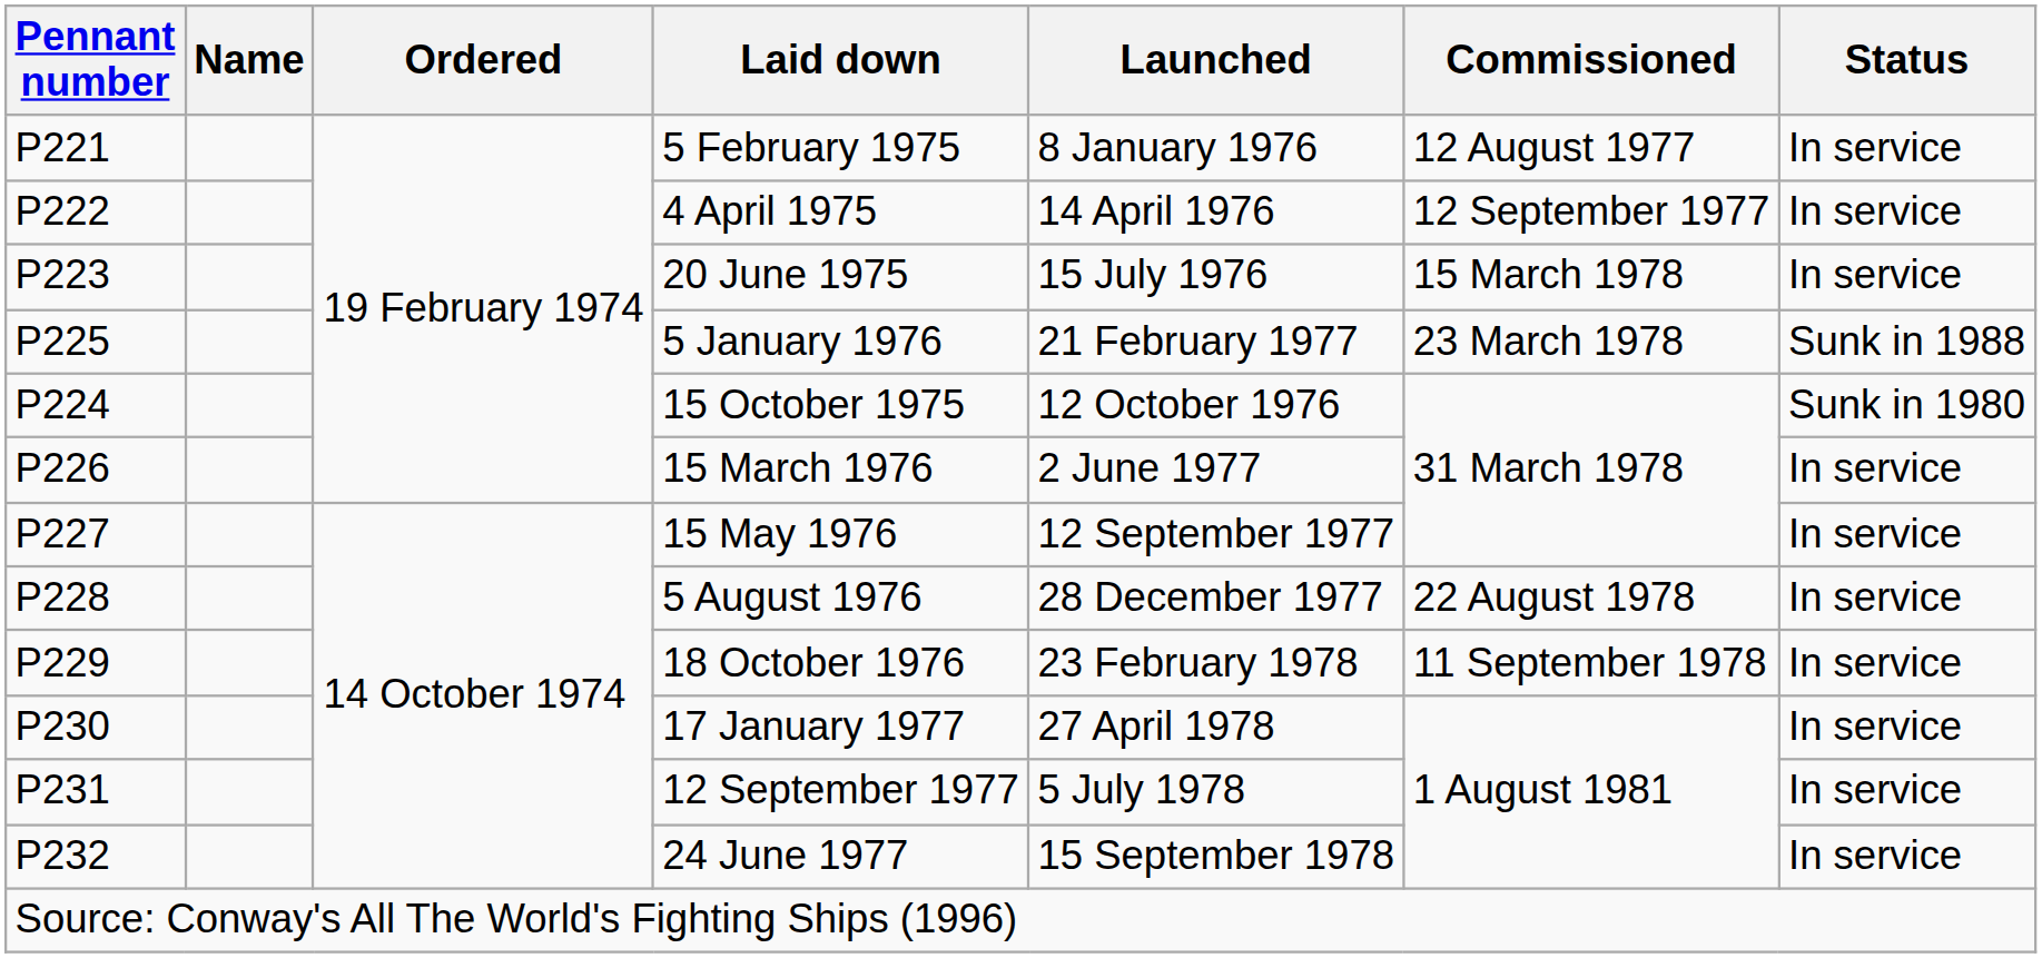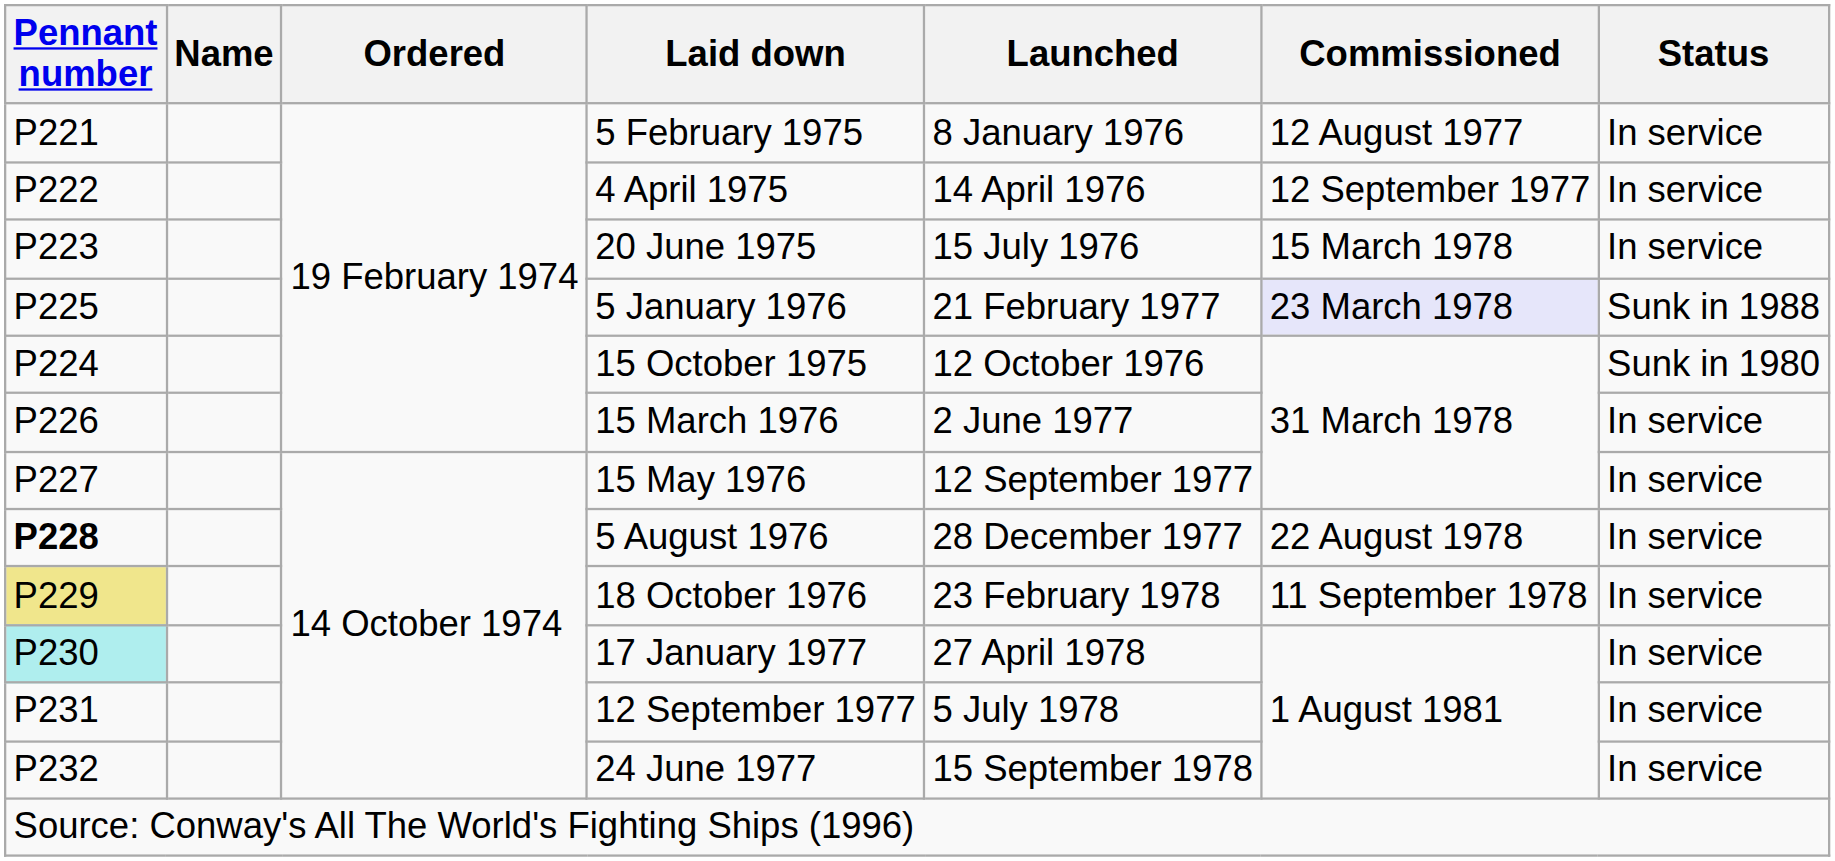 <table class="wikitable">
 <tr>
 <th><a href='#'>Pennant<br>number</a></th>
 <th>Name</th>
 <th>Ordered</th>
 <th>Laid down</th>
 <th>Launched</th>
 <th>Commissioned</th>
 <th>Status</th>
 </tr>
 <tr>
 <td>P221</td>
 <td></td>
 <td rowspan=6>19 February 1974</td>
 <td>5 February 1975</td>
 <td>8 January 1976</td>
 <td>12 August 1977</td>
 <td>In service</td>
 </tr>
 <tr>
 <td>P222</td>
 <td></td>
 <td>4 April 1975</td>
 <td>14 April 1976</td>
 <td>12 September 1977</td>
 <td>In service</td>
 </tr>
 <tr>
 <td>P223</td>
 <td></td>
 <td>20 June 1975</td>
 <td>15 July 1976</td>
 <td>15 March 1978</td>
 <td>In service</td>
 </tr>
 <tr>
 <td>P225</td>
 <td></td>
 <td>5 January 1976</td>
 <td>21 February 1977</td>
-<td>23 March 1978</td>
+<td style="background: lavender;">23 March 1978</td>
 <td>Sunk in 1988</td>
 </tr>
 <tr>
 <td>P224</td>
 <td></td>
 <td>15 October 1975</td>
 <td>12 October 1976</td>
 <td rowspan=3>31 March 1978</td>
 <td>Sunk in 1980</td>
 </tr>
 <tr>
 <td>P226</td>
 <td></td>
 <td>15 March 1976</td>
 <td>2 June 1977</td>
 <td>In service</td>
 </tr>
 <tr>
 <td>P227</td>
 <td></td>
 <td rowspan=6>14 October 1974</td>
 <td>15 May 1976</td>
 <td>12 September 1977</td>
 <td>In service</td>
 </tr>
 <tr>
-<td>P228</td>
+<td><strong>P228</strong></td>
 <td></td>
 <td>5 August 1976</td>
 <td>28 December 1977</td>
 <td>22 August 1978</td>
 <td>In service</td>
 </tr>
 <tr>
-<td>P229</td>
+<td style="background: khaki;">P229</td>
 <td></td>
 <td>18 October 1976</td>
 <td>23 February 1978</td>
 <td>11 September 1978</td>
 <td>In service</td>
 </tr>
 <tr>
-<td>P230</td>
+<td style="background: paleturquoise;">P230</td>
 <td></td>
 <td>17 January 1977</td>
 <td>27 April 1978</td>
 <td rowspan=3>1 August 1981</td>
 <td>In service</td>
 </tr>
 <tr>
 <td>P231</td>
 <td></td>
 <td>12 September 1977</td>
 <td>5 July 1978</td>
 <td>In service</td>
 </tr>
 <tr>
 <td>P232</td>
 <td></td>
 <td>24 June 1977</td>
 <td>15 September 1978</td>
 <td>In service</td>
 </tr>
 <tr>
 <td colspan=7>Source: Conway's All The World's Fighting Ships (1996)</td>
 </tr>
 </table>
